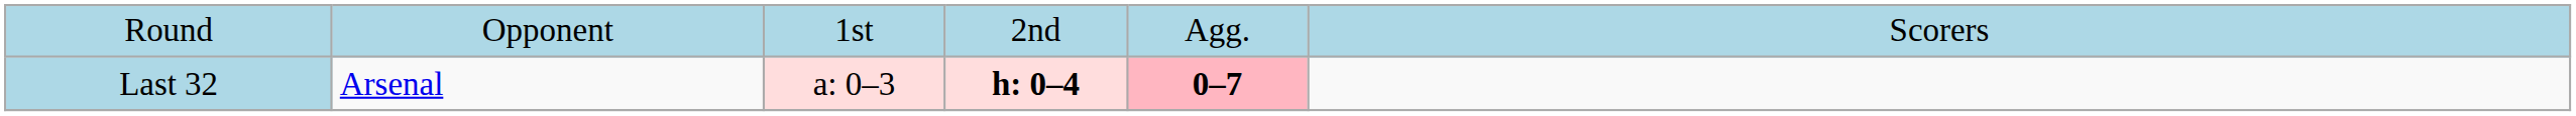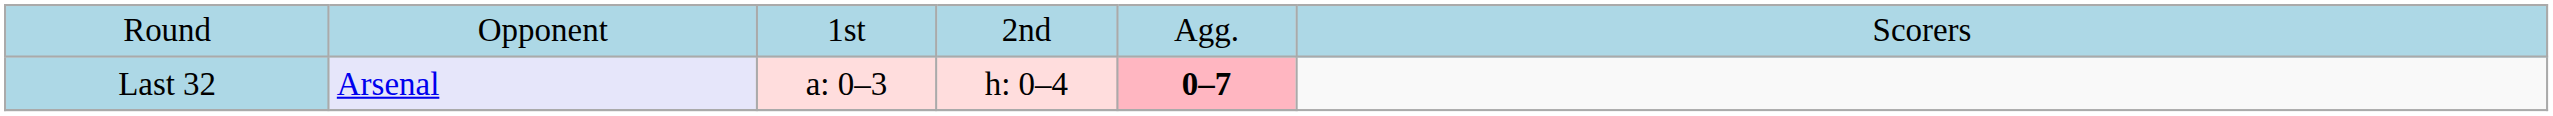 <table class="wikitable" style="text-align:center">
 <tr bgcolor=lightblue>
 <td width=150px>Round</td>
 <td width=200px>Opponent</td>
 <td width=80px>1st</td>
 <td width=80px>2nd</td>
 <td width=80px>Agg.</td>
 <td width=600px>Scorers</td>
 </tr>
 <tr>
 <td bgcolor=lightblue>Last 32</td>
-<td align=left> <a href='#'>Arsenal</a></td>
+<td align=left style="background: lavender;"> <a href='#'>Arsenal</a></td>
 <td bgcolor="#ffdddd">a: 0–3</td>
-<td bgcolor="#ffdddd"><strong>h: 0–4</strong></td>
+<td bgcolor="#ffdddd">h: 0–4</td>
 <td bgcolor=lightpink><strong>0–7</strong></td>
 </tr>
 <tr>
 </tr>
 </table>
